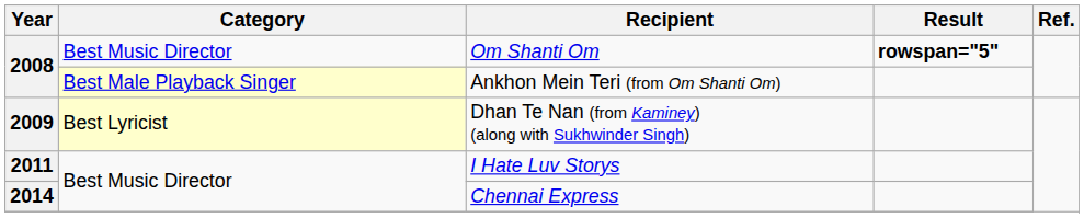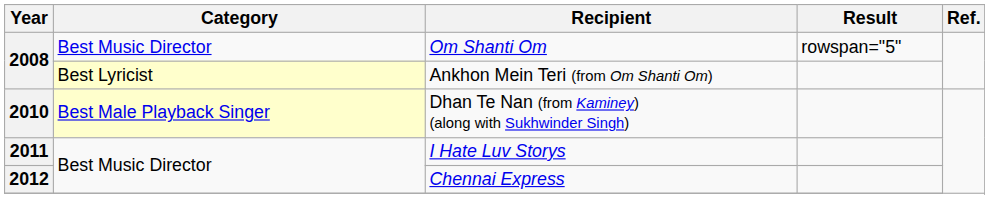 <table class="wikitable plainrowheaders" width="100%" "textcolor:#000;">
 <tr>
 <th scope="col" width=5%>Year</th>
 <th scope="col" width=39%>Category</th>
 <th scope="col" width=39%>Recipient</th>
 <th scope="col" width=15%>Result</th>
 <th scope="col" width=2%>Ref.</th>
 </tr>
 <tr>
 <th scope="row" rowspan="2">2008</th>
 <td><a href='#'>Best Music Director</a></td>
 <td><em><a href='#'>Om Shanti Om</a></em></td>
-<td><strong>rowspan="5" </strong></td>
+<td>rowspan="5" </td>
 <td rowspan="2"></td>
 </tr>
 <tr>
-<td style="background:#FFFFCC;"><a href='#'>Best Male Playback Singer</a></td>
+<td style="background:#FFFFCC;">Best Lyricist</td>
 <td>Ankhon Mein Teri <small>(from <em>Om Shanti Om</em>)</small></td>
 </tr>
 <tr>
-<th scope="row">2009</th>
-<td style="background:#FFFFCC;">Best Lyricist</td>
+<th scope="row">2010</th>
+<td style="background:#FFFFCC;"><a href='#'>Best Male Playback Singer</a></td>
 <td>Dhan Te Nan <small>(from <em><a href='#'>Kaminey</a></em>)</small><br><small>(along with <a href='#'>Sukhwinder Singh</a>)</small></td>
 <td></td>
 </tr>
 <tr>
 <th scope="row">2011</th>
 <td rowspan="2">Best Music Director</td>
 <td><em><a href='#'>I Hate Luv Storys</a></em></td>
 <td></td>
 </tr>
 <tr>
-<th scope="row">2014</th>
+<th scope="row">2012</th>
 <td><em><a href='#'>Chennai Express</a></em></td>
 <td></td>
 </tr>
 <tr>
 </tr>
 </table>
